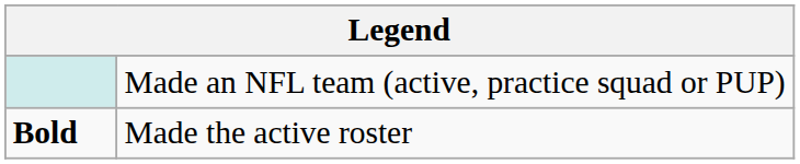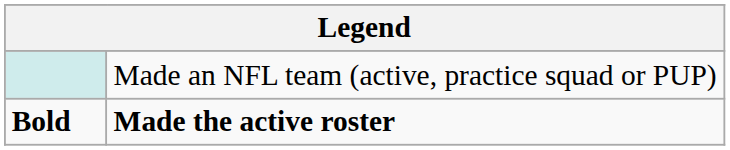 <table class="wikitable">
 <tr>
 <th colspan="2">Legend</th>
 </tr>
 <tr>
 <td style="background:#cfecec; width:3em;"></td>
 <td>Made an NFL team (active, practice squad or PUP)</td>
 </tr>
 <tr>
 <td><strong>Bold</strong></td>
-<td>Made the active roster</td>
+<td><strong>Made the active roster</strong></td>
 </tr>
 </table>
